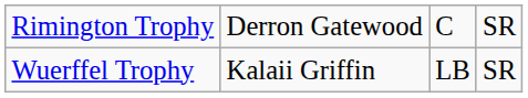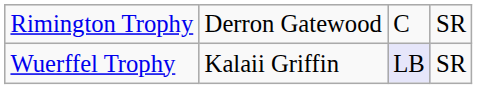 <table class="wikitable">
 <tr>
 <td><a href='#'>Rimington Trophy</a></td>
 <td>Derron Gatewood</td>
 <td>C</td>
 <td>SR</td>
 </tr>
 <tr>
 <td><a href='#'>Wuerffel Trophy</a></td>
 <td>Kalaii Griffin</td>
-<td>LB</td>
+<td style="background: lavender;">LB</td>
 <td>SR</td>
 </tr>
 </table>
